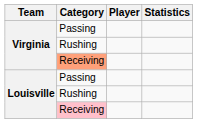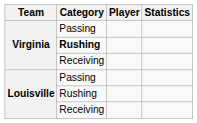 <table class="wikitable" style="float:right">
 <tr>
 <th>Team</th>
 <th>Category</th>
 <th>Player</th>
 <th>Statistics</th>
 </tr>
 <tr>
 <th rowspan=3>Virginia</th>
 <td>Passing</td>
 <td></td>
 <td></td>
 </tr>
 <tr>
-<td>Rushing</td>
+<td><strong>Rushing</strong></td>
 <td></td>
 <td></td>
 </tr>
 <tr>
-<td style="background: lightsalmon;">Receiving</td>
+<td>Receiving</td>
 <td></td>
 <td></td>
 </tr>
 <tr>
 <th rowspan=3>Louisville</th>
 <td>Passing</td>
 <td></td>
 <td></td>
 </tr>
 <tr>
 <td>Rushing</td>
 <td></td>
 <td></td>
 </tr>
 <tr>
-<td style="background: pink;">Receiving</td>
+<td>Receiving</td>
 <td></td>
 <td></td>
 </tr>
 </table>
